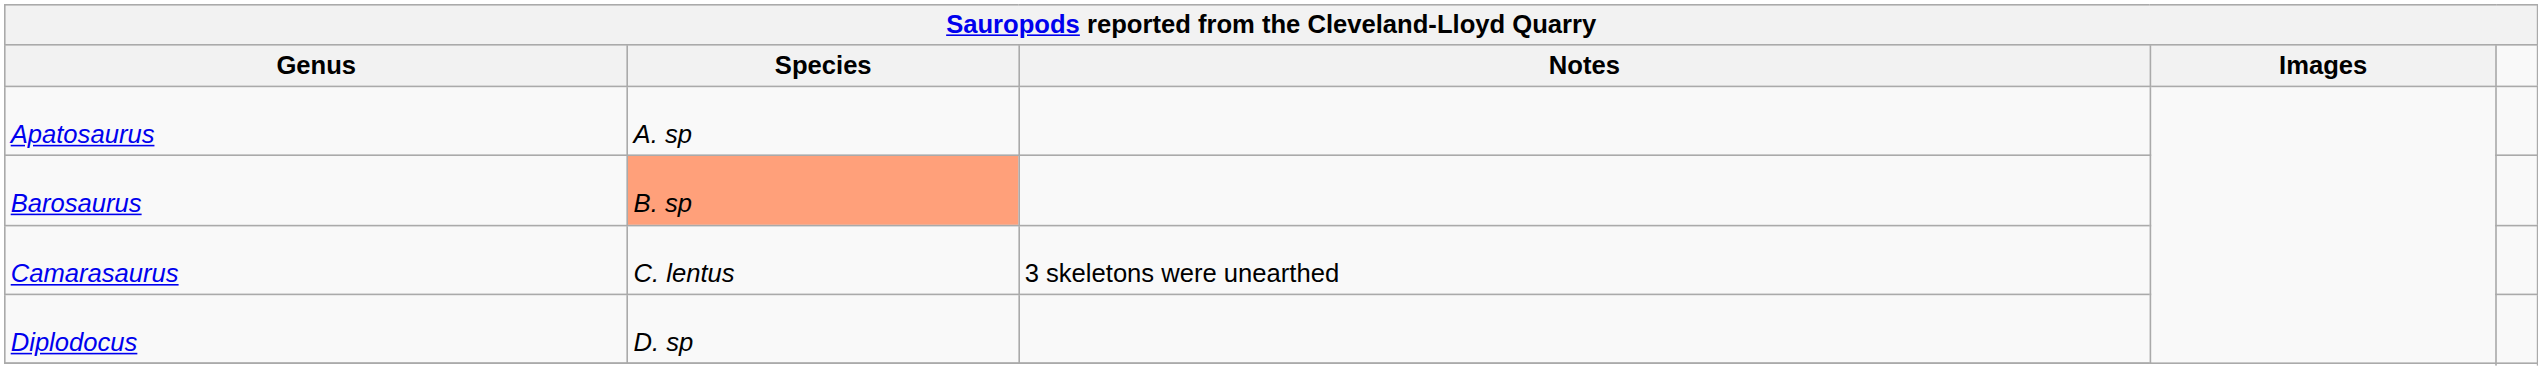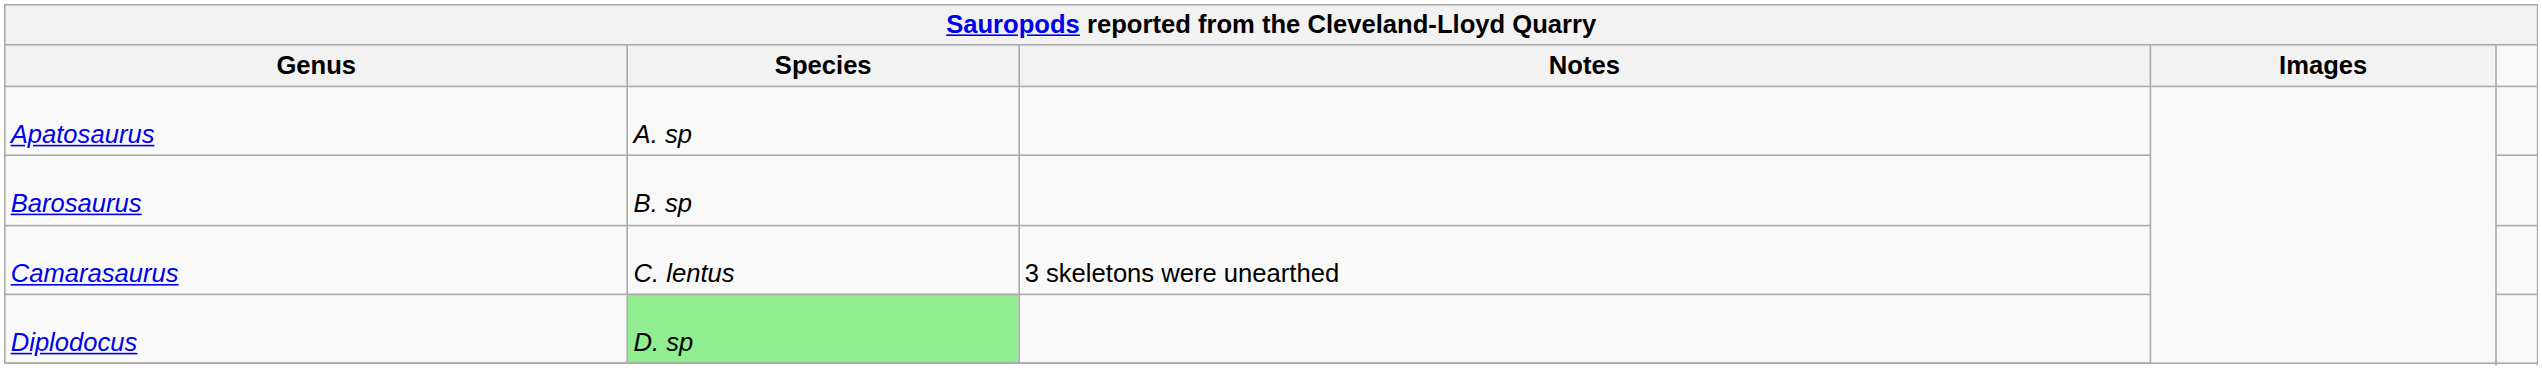 <table class="wikitable" align="center" width="100%">
 <tr>
 <th colspan="7" align="center"><strong><a href='#'>Sauropods</a> reported from the Cleveland-Lloyd Quarry</strong></th>
 </tr>
 <tr>
 <th>Genus</th>
 <th>Species</th>
 <th>Notes</th>
 <th>Images</th>
 </tr>
 <tr>
 <td><br><em><a href='#'>Apatosaurus</a></em></td>
 <td><br><em>A. sp</em></td>
 <td></td>
 <td rowspan="99"><br> </td>
 <td></td>
 </tr>
 <tr>
 <td><br><em><a href='#'>Barosaurus</a></em></td>
-<td style="background: lightsalmon;"><br><em>B. sp</em></td>
+<td><br><em>B. sp</em></td>
 <td></td>
 </tr>
 <tr>
 <td><br><em><a href='#'>Camarasaurus</a></em></td>
 <td><br><em>C. lentus</em></td>
 <td><br>3 skeletons were unearthed</td>
 <td></td>
 </tr>
 <tr>
 <td><br><em><a href='#'>Diplodocus</a></em></td>
-<td><br><em>D. sp</em></td>
+<td style="background: lightgreen;"><br><em>D. sp</em></td>
 <td></td>
 </tr>
 <tr>
 </tr>
 </table>
